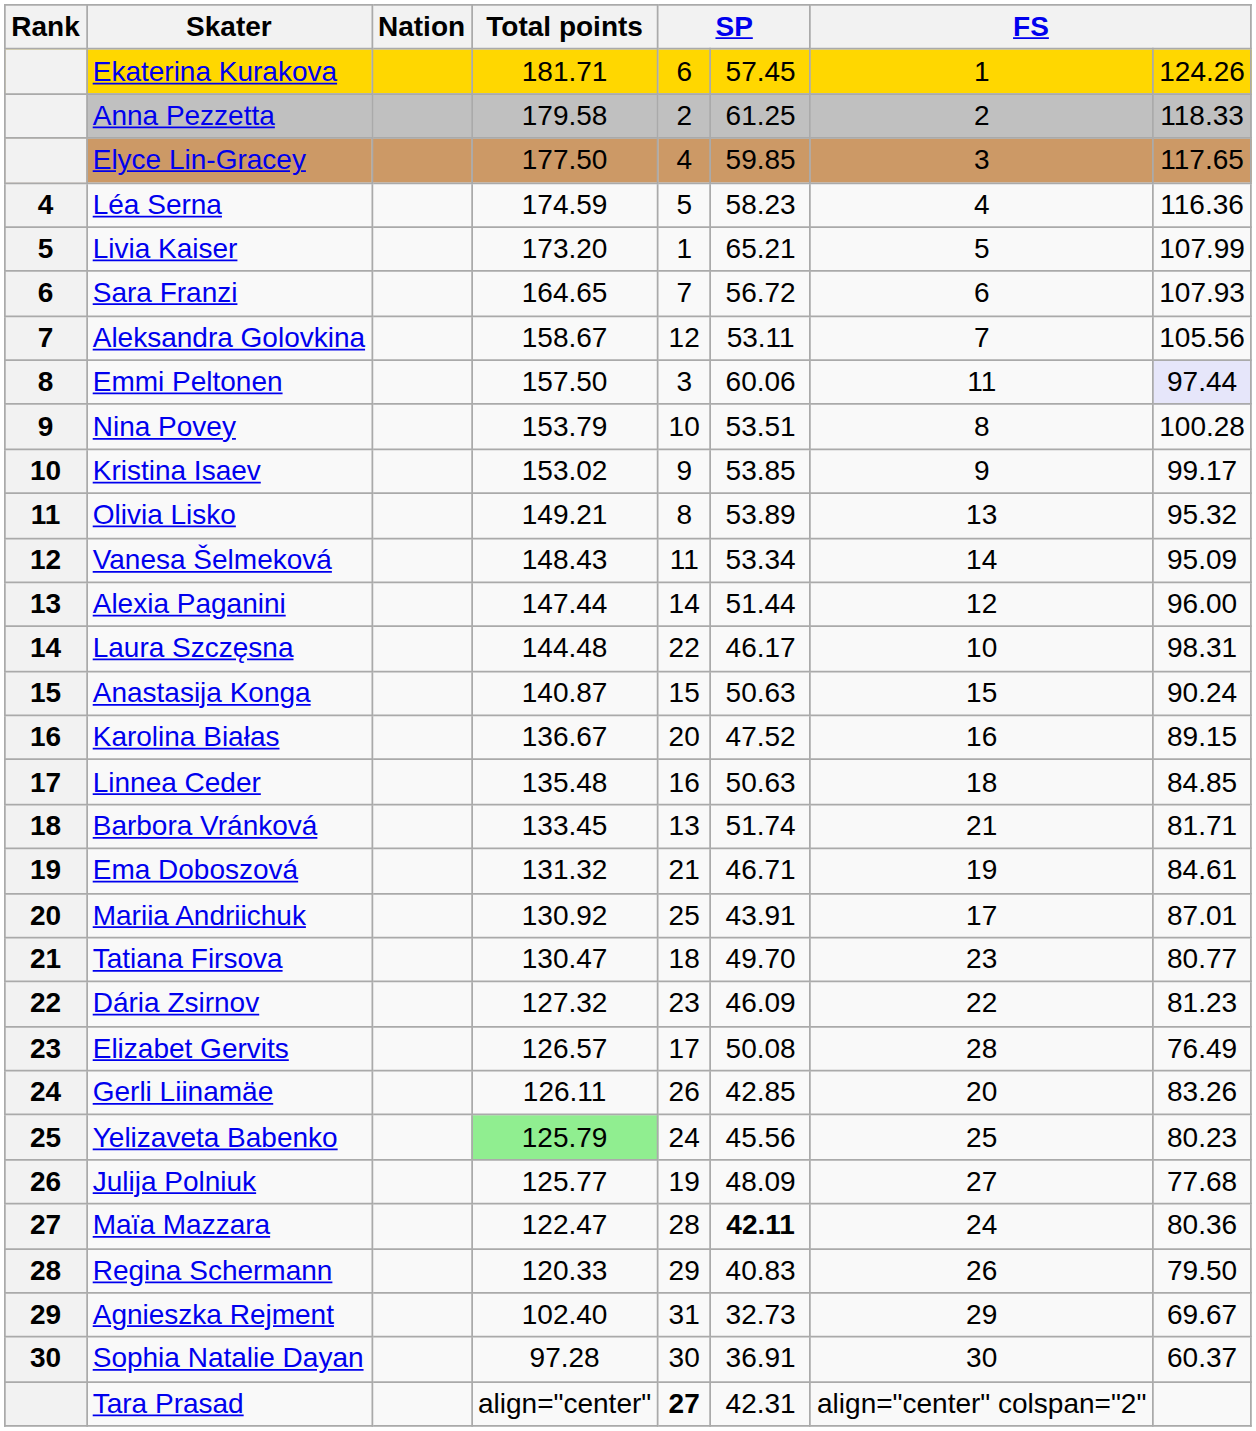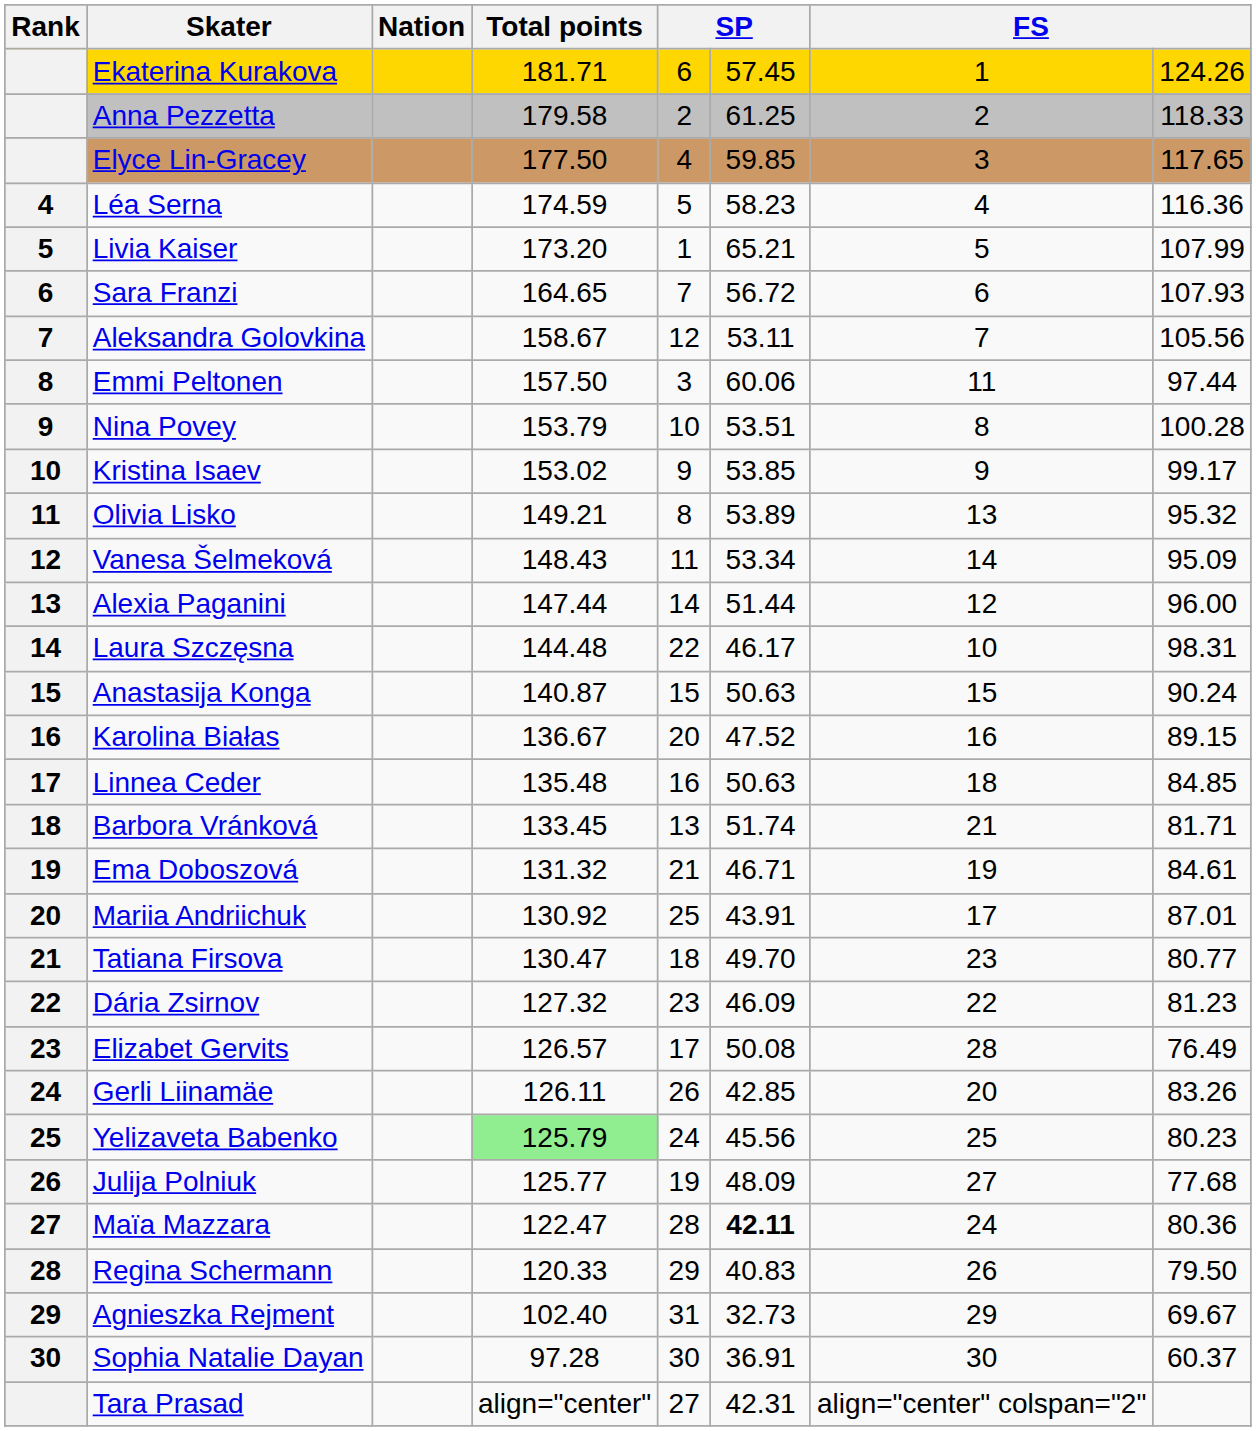 <table class="wikitable sortable" style="text-align:left">
 <tr>
 <th scope="col">Rank</th>
 <th scope="col">Skater</th>
 <th scope="col">Nation</th>
 <th scope="col">Total points</th>
 <th scope="col" colspan="2" width="80px"><a href='#'>SP</a></th>
 <th scope="col" colspan="2" width="80px"><a href='#'>FS</a></th>
 </tr>
 <tr bgcolor="gold">
 <th scope="row"></th>
 <td><a href='#'>Ekaterina Kurakova</a></td>
 <td></td>
 <td align="center">181.71</td>
 <td align="center">6</td>
 <td align="center">57.45</td>
 <td align="center">1</td>
 <td align="center">124.26</td>
 </tr>
 <tr bgcolor="silver">
 <th scope="row"></th>
 <td><a href='#'>Anna Pezzetta</a></td>
 <td></td>
 <td align="center">179.58</td>
 <td align="center">2</td>
 <td align="center">61.25</td>
 <td align="center">2</td>
 <td align="center">118.33</td>
 </tr>
 <tr bgcolor="cc9966">
 <th scope="row"></th>
 <td><a href='#'>Elyce Lin-Gracey</a></td>
 <td></td>
 <td align="center">177.50</td>
 <td align="center">4</td>
 <td align="center">59.85</td>
 <td align="center">3</td>
 <td align="center">117.65</td>
 </tr>
 <tr>
 <th scope="row">4</th>
 <td><a href='#'>Léa Serna</a></td>
 <td></td>
 <td align="center">174.59</td>
 <td align="center">5</td>
 <td align="center">58.23</td>
 <td align="center">4</td>
 <td align="center">116.36</td>
 </tr>
 <tr>
 <th scope="row">5</th>
 <td><a href='#'>Livia Kaiser</a></td>
 <td></td>
 <td align="center">173.20</td>
 <td align="center">1</td>
 <td align="center">65.21</td>
 <td align="center">5</td>
 <td align="center">107.99</td>
 </tr>
 <tr>
 <th scope="row">6</th>
 <td><a href='#'>Sara Franzi</a></td>
 <td></td>
 <td align="center">164.65</td>
 <td align="center">7</td>
 <td align="center">56.72</td>
 <td align="center">6</td>
 <td align="center">107.93</td>
 </tr>
 <tr>
 <th scope="row">7</th>
 <td><a href='#'>Aleksandra Golovkina</a></td>
 <td></td>
 <td align="center">158.67</td>
 <td align="center">12</td>
 <td align="center">53.11</td>
 <td align="center">7</td>
 <td align="center">105.56</td>
 </tr>
 <tr>
 <th scope="row">8</th>
 <td><a href='#'>Emmi Peltonen</a></td>
 <td></td>
 <td align="center">157.50</td>
 <td align="center">3</td>
 <td align="center">60.06</td>
 <td align="center">11</td>
-<td align="center" style="background: lavender;">97.44</td>
+<td align="center">97.44</td>
 </tr>
 <tr>
 <th scope="row">9</th>
 <td><a href='#'>Nina Povey</a></td>
 <td></td>
 <td align="center">153.79</td>
 <td align="center">10</td>
 <td align="center">53.51</td>
 <td align="center">8</td>
 <td align="center">100.28</td>
 </tr>
 <tr>
 <th scope="row">10</th>
 <td><a href='#'>Kristina Isaev</a></td>
 <td></td>
 <td align="center">153.02</td>
 <td align="center">9</td>
 <td align="center">53.85</td>
 <td align="center">9</td>
 <td align="center">99.17</td>
 </tr>
 <tr>
 <th scope="row">11</th>
 <td><a href='#'>Olivia Lisko</a></td>
 <td></td>
 <td align="center">149.21</td>
 <td align="center">8</td>
 <td align="center">53.89</td>
 <td align="center">13</td>
 <td align="center">95.32</td>
 </tr>
 <tr>
 <th scope="row">12</th>
 <td><a href='#'>Vanesa Šelmeková</a></td>
 <td></td>
 <td align="center">148.43</td>
 <td align="center">11</td>
 <td align="center">53.34</td>
 <td align="center">14</td>
 <td align="center">95.09</td>
 </tr>
 <tr>
 <th scope="row">13</th>
 <td><a href='#'>Alexia Paganini</a></td>
 <td></td>
 <td align="center">147.44</td>
 <td align="center">14</td>
 <td align="center">51.44</td>
 <td align="center">12</td>
 <td align="center">96.00</td>
 </tr>
 <tr>
 <th scope="row">14</th>
 <td><a href='#'>Laura Szczęsna</a></td>
 <td></td>
 <td align="center">144.48</td>
 <td align="center">22</td>
 <td align="center">46.17</td>
 <td align="center">10</td>
 <td align="center">98.31</td>
 </tr>
 <tr>
 <th scope="row">15</th>
 <td><a href='#'>Anastasija Konga</a></td>
 <td></td>
 <td align="center">140.87</td>
 <td align="center">15</td>
 <td align="center">50.63</td>
 <td align="center">15</td>
 <td align="center">90.24</td>
 </tr>
 <tr>
 <th scope="row">16</th>
 <td><a href='#'>Karolina Białas</a></td>
 <td></td>
 <td align="center">136.67</td>
 <td align="center">20</td>
 <td align="center">47.52</td>
 <td align="center">16</td>
 <td align="center">89.15</td>
 </tr>
 <tr>
 <th scope="row">17</th>
 <td><a href='#'>Linnea Ceder</a></td>
 <td></td>
 <td align="center">135.48</td>
 <td align="center">16</td>
 <td align="center">50.63</td>
 <td align="center">18</td>
 <td align="center">84.85</td>
 </tr>
 <tr>
 <th scope="row">18</th>
 <td><a href='#'>Barbora Vránková</a></td>
 <td></td>
 <td align="center">133.45</td>
 <td align="center">13</td>
 <td align="center">51.74</td>
 <td align="center">21</td>
 <td align="center">81.71</td>
 </tr>
 <tr>
 <th scope="row">19</th>
 <td><a href='#'>Ema Doboszová</a></td>
 <td></td>
 <td align="center">131.32</td>
 <td align="center">21</td>
 <td align="center">46.71</td>
 <td align="center">19</td>
 <td align="center">84.61</td>
 </tr>
 <tr>
 <th scope="row">20</th>
 <td><a href='#'>Mariia Andriichuk</a></td>
 <td></td>
 <td align="center">130.92</td>
 <td align="center">25</td>
 <td align="center">43.91</td>
 <td align="center">17</td>
 <td align="center">87.01</td>
 </tr>
 <tr>
 <th scope="row">21</th>
 <td><a href='#'>Tatiana Firsova</a></td>
 <td></td>
 <td align="center">130.47</td>
 <td align="center">18</td>
 <td align="center">49.70</td>
 <td align="center">23</td>
 <td align="center">80.77</td>
 </tr>
 <tr>
 <th scope="row">22</th>
 <td><a href='#'>Dária Zsirnov</a></td>
 <td></td>
 <td align="center">127.32</td>
 <td align="center">23</td>
 <td align="center">46.09</td>
 <td align="center">22</td>
 <td align="center">81.23</td>
 </tr>
 <tr>
 <th scope="row">23</th>
 <td><a href='#'>Elizabet Gervits</a></td>
 <td></td>
 <td align="center">126.57</td>
 <td align="center">17</td>
 <td align="center">50.08</td>
 <td align="center">28</td>
 <td align="center">76.49</td>
 </tr>
 <tr>
 <th scope="row">24</th>
 <td><a href='#'>Gerli Liinamäe</a></td>
 <td></td>
 <td align="center">126.11</td>
 <td align="center">26</td>
 <td align="center">42.85</td>
 <td align="center">20</td>
 <td align="center">83.26</td>
 </tr>
 <tr>
 <th scope="row">25</th>
 <td><a href='#'>Yelizaveta Babenko</a></td>
 <td></td>
 <td align="center" style="background: lightgreen;">125.79</td>
 <td align="center">24</td>
 <td align="center">45.56</td>
 <td align="center">25</td>
 <td align="center">80.23</td>
 </tr>
 <tr>
 <th scope="row">26</th>
 <td><a href='#'>Julija Polniuk</a></td>
 <td></td>
 <td align="center">125.77</td>
 <td align="center">19</td>
 <td align="center">48.09</td>
 <td align="center">27</td>
 <td align="center">77.68</td>
 </tr>
 <tr>
 <th scope="row">27</th>
 <td><a href='#'>Maïa Mazzara</a></td>
 <td></td>
 <td align="center">122.47</td>
 <td align="center">28</td>
 <td align="center"><strong>42.11</strong></td>
 <td align="center">24</td>
 <td align="center">80.36</td>
 </tr>
 <tr>
 <th scope="row">28</th>
 <td><a href='#'>Regina Schermann</a></td>
 <td></td>
 <td align="center">120.33</td>
 <td align="center">29</td>
 <td align="center">40.83</td>
 <td align="center">26</td>
 <td align="center">79.50</td>
 </tr>
 <tr>
 <th scope="row">29</th>
 <td><a href='#'>Agnieszka Rejment</a></td>
 <td></td>
 <td align="center">102.40</td>
 <td align="center">31</td>
 <td align="center">32.73</td>
 <td align="center">29</td>
 <td align="center">69.67</td>
 </tr>
 <tr>
 <th scope="row">30</th>
 <td><a href='#'>Sophia Natalie Dayan</a></td>
 <td></td>
 <td align="center">97.28</td>
 <td align="center">30</td>
 <td align="center">36.91</td>
 <td align="center">30</td>
 <td align="center">60.37</td>
 </tr>
 <tr>
 <th scope="row"></th>
 <td><a href='#'>Tara Prasad</a></td>
 <td></td>
 <td>align="center" </td>
-<td align="center"><strong>27</strong></td>
+<td align="center">27</td>
 <td align="center">42.31</td>
 <td>align="center" colspan="2" </td>
 </tr>
 </table>
